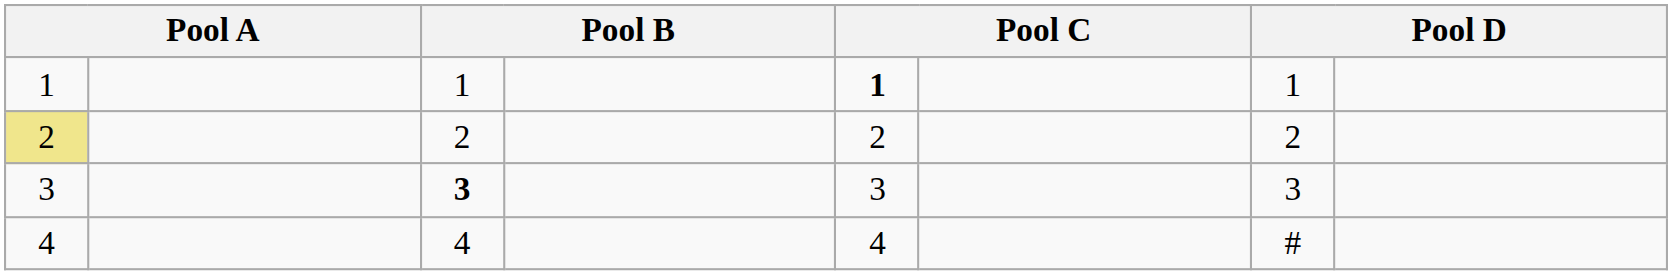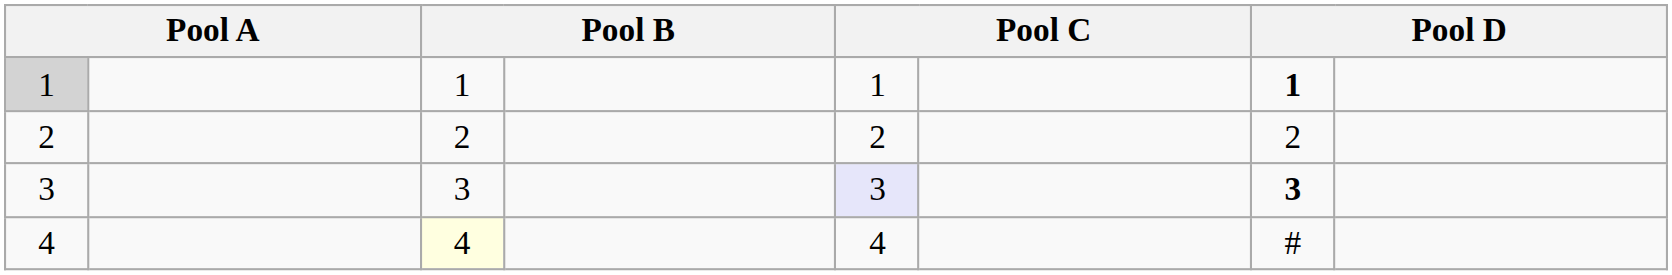 <table class="wikitable" width=800>
 <tr>
 <th colspan=2  width=25%>Pool A</th>
 <th colspan=2  width=25%>Pool B</th>
 <th colspan=2  width=25%>Pool C</th>
 <th colspan=2  width=25%>Pool D</th>
 </tr>
 <tr>
+<td style="background: lightgrey; text-align:center;" width=5%>1</td>
+<td></td>
 <td style="text-align:center;" width=5%>1</td>
 <td></td>
 <td style="text-align:center;" width=5%>1</td>
 <td></td>
 <td style="text-align:center;" width=5%><strong>1</strong></td>
 <td></td>
-<td style="text-align:center;" width=5%>1</td>
-<td></td>
 </tr>
 <tr>
-<td style="background: khaki; text-align:center;" width=5%>2</td>
+<td style="text-align:center;" width=5%>2</td>
 <td></td>
 <td style="text-align:center;" width=5%>2</td>
 <td></td>
 <td style="text-align:center;" width=5%>2</td>
 <td></td>
 <td style="text-align:center;" width=5%>2</td>
 <td></td>
 </tr>
 <tr>
 <td style="text-align:center;" width=5%>3</td>
 <td></td>
-<td style="text-align:center;" width=5%><strong>3</strong></td>
-<td></td>
 <td style="text-align:center;" width=5%>3</td>
 <td></td>
-<td style="text-align:center;" width=5%>3</td>
+<td style="background: lavender; text-align:center;" width=5%>3</td>
+<td></td>
+<td style="text-align:center;" width=5%><strong>3</strong></td>
 <td></td>
 </tr>
 <tr>
 <td style="text-align:center;" width=5%>4</td>
 <td></td>
-<td style="text-align:center;" width=5%>4</td>
+<td style="background: lightyellow; text-align:center;" width=5%>4</td>
 <td></td>
 <td style="text-align:center;" width=5%>4</td>
 <td></td>
 <td style="text-align:center;" width=5%>#</td>
 <td></td>
 </tr>
 </table>
